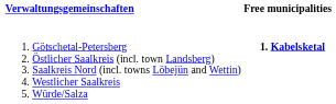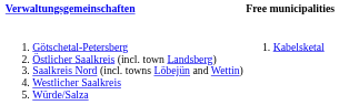 <table>
 <tr>
 <th width=70% align=left><a href='#'>Verwaltungsgemeinschaften</a></th>
 <th width=30% align=left>Free municipalities</th>
 </tr>
 <tr valign=top>
 <td><br><ol><li><a href='#'>Götschetal-Petersberg</a></li><li><a href='#'>Östlicher Saalkreis</a> (incl. town <a href='#'>Landsberg</a>)</li><li><a href='#'>Saalkreis Nord</a> (incl. towns <a href='#'>Löbejün</a> and <a href='#'>Wettin</a>)</li><li><a href='#'>Westlicher Saalkreis</a></li><li><a href='#'>Würde/Salza</a></li></ol></td>
-<td><strong><br><ol><li><a href='#'>Kabelsketal</a></li></ol></strong></td>
+<td><br><ol><li><a href='#'>Kabelsketal</a></li></ol></td>
 </tr>
 </table>
